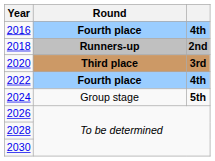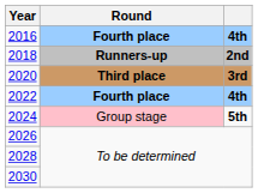 <table class="wikitable" style="text-align: center; font-size:90%">
 <tr>
 <th>Year</th>
 <th style="width:200px">Round</th>
 <th></th>
 </tr>
 <tr>
 <td><a href='#'>2016</a></td>
 <td bgcolor="9acdff"><strong>Fourth place</strong></td>
 <td bgcolor="9acdff"><strong>4th</strong></td>
 </tr>
 <tr>
 <td><a href='#'>2018</a></td>
 <td bgcolor=Silver><strong>Runners-up</strong></td>
 <td bgcolor=Silver><strong>2nd</strong></td>
 </tr>
 <tr>
 <td><a href='#'>2020</a></td>
 <td bgcolor="cc9966"><strong>Third place</strong></td>
 <td bgcolor="cc9966"><strong>3rd</strong></td>
 </tr>
 <tr>
 <td><a href='#'>2022</a></td>
 <td bgcolor="9acdff"><strong>Fourth place</strong></td>
 <td bgcolor="9acdff"><strong>4th</strong></td>
 </tr>
 <tr>
 <td><a href='#'>2024</a></td>
-<td>Group stage</td>
+<td style="background: pink;">Group stage</td>
 <td><strong>5th</strong></td>
 </tr>
 <tr>
 <td><a href='#'>2026</a></td>
 <td colspan="2" rowspan="3"><em>To be determined</em></td>
 </tr>
 <tr>
 <td><a href='#'>2028</a></td>
 </tr>
 <tr>
 <td><a href='#'>2030</a></td>
 </tr>
 </table>
